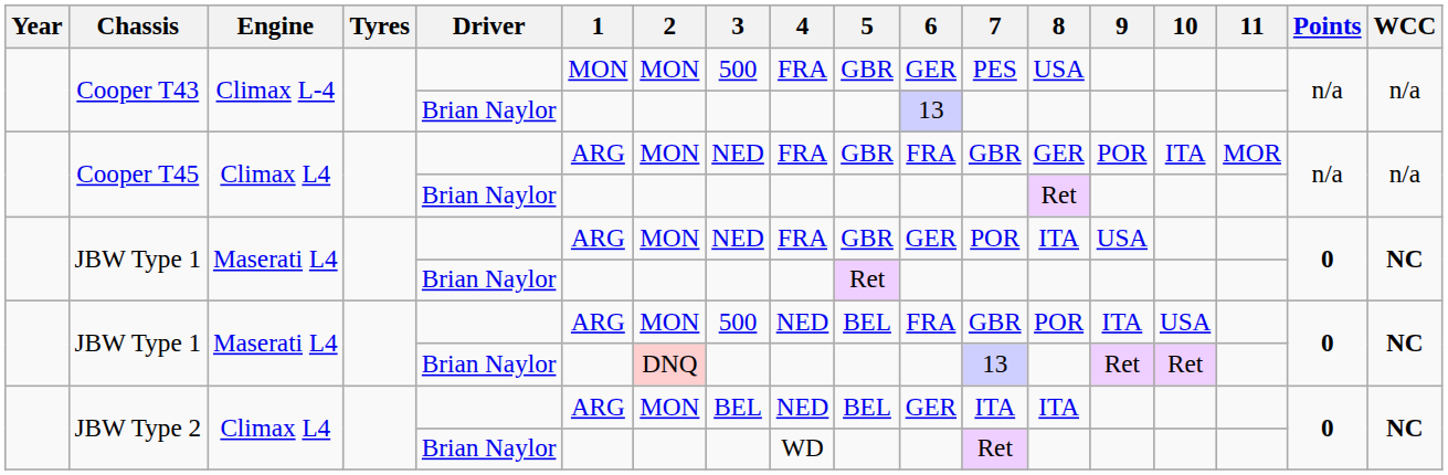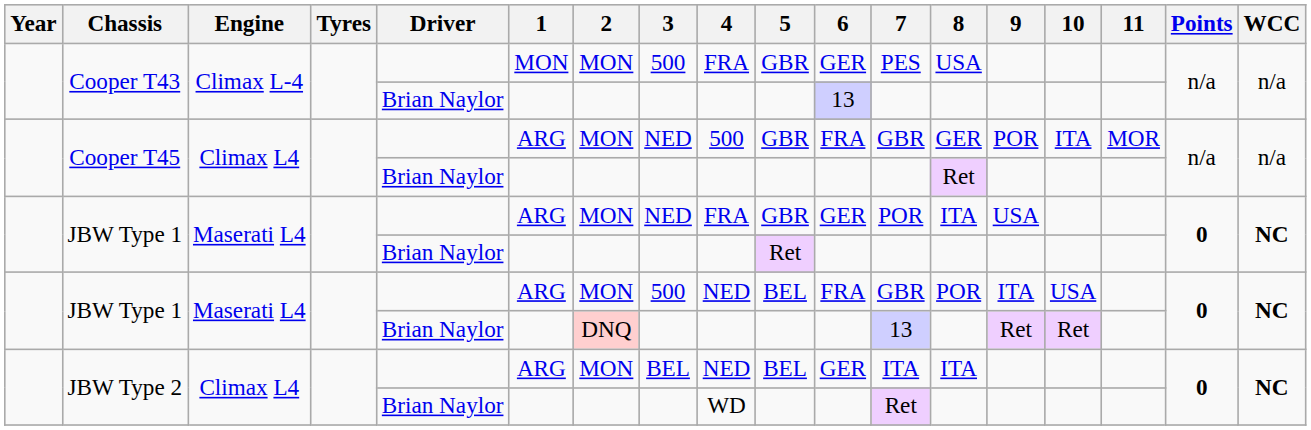 <table class="wikitable" style="text-align:center; font-size:90%">
 <tr>
 <th>Year</th>
 <th>Chassis</th>
 <th>Engine</th>
 <th>Tyres</th>
 <th>Driver</th>
 <th>1</th>
 <th>2</th>
 <th>3</th>
 <th>4</th>
 <th>5</th>
 <th>6</th>
 <th>7</th>
 <th>8</th>
 <th>9</th>
 <th>10</th>
 <th>11</th>
 <th><a href='#'>Points</a></th>
 <th>WCC</th>
 </tr>
 <tr>
 <td rowspan="2"></td>
 <td rowspan="2"><a href='#'>Cooper T43</a></td>
 <td rowspan="2"><a href='#'>Climax</a> <a href='#'>L-4</a></td>
 <td rowspan="2"></td>
 <td></td>
 <td><a href='#'>MON</a></td>
 <td><a href='#'>MON</a></td>
 <td><a href='#'>500</a></td>
 <td><a href='#'>FRA</a></td>
 <td><a href='#'>GBR</a></td>
 <td><a href='#'>GER</a></td>
 <td><a href='#'>PES</a></td>
 <td><a href='#'>USA</a></td>
 <td></td>
 <td></td>
 <td></td>
 <td rowspan="2">n/a</td>
 <td rowspan="2">n/a</td>
 </tr>
 <tr>
 <td align="left"> <a href='#'>Brian Naylor</a></td>
 <td></td>
 <td></td>
 <td></td>
 <td></td>
 <td></td>
 <td style="background:#CFCFFF;">13</td>
 <td></td>
 <td></td>
 <td></td>
 <td></td>
 <td></td>
 </tr>
 <tr>
 <td rowspan="2"></td>
 <td rowspan="2"><a href='#'>Cooper T45</a></td>
 <td rowspan="2"><a href='#'>Climax</a> <a href='#'>L4</a></td>
 <td rowspan="2"></td>
 <td></td>
 <td><a href='#'>ARG</a></td>
 <td><a href='#'>MON</a></td>
 <td><a href='#'>NED</a></td>
-<td><a href='#'>FRA</a></td>
+<td><a href='#'>500</a></td>
 <td><a href='#'>GBR</a></td>
 <td><a href='#'>FRA</a></td>
 <td><a href='#'>GBR</a></td>
 <td><a href='#'>GER</a></td>
 <td><a href='#'>POR</a></td>
 <td><a href='#'>ITA</a></td>
 <td><a href='#'>MOR</a></td>
 <td rowspan="2">n/a</td>
 <td rowspan="2">n/a</td>
 </tr>
 <tr>
 <td align="left"> <a href='#'>Brian Naylor</a></td>
 <td></td>
 <td></td>
 <td></td>
 <td></td>
 <td></td>
 <td></td>
 <td></td>
 <td style="background:#EFCFFF;">Ret</td>
 <td></td>
 <td></td>
 <td></td>
 </tr>
 <tr>
 <td rowspan="2"></td>
 <td rowspan="2">JBW Type 1</td>
 <td rowspan="2"><a href='#'>Maserati</a> <a href='#'>L4</a></td>
 <td rowspan="2"></td>
 <td></td>
 <td><a href='#'>ARG</a></td>
 <td><a href='#'>MON</a></td>
 <td><a href='#'>NED</a></td>
 <td><a href='#'>FRA</a></td>
 <td><a href='#'>GBR</a></td>
 <td><a href='#'>GER</a></td>
 <td><a href='#'>POR</a></td>
 <td><a href='#'>ITA</a></td>
 <td><a href='#'>USA</a></td>
 <td></td>
 <td></td>
 <td rowspan="2"><strong>0</strong></td>
 <td rowspan="2"><strong>NC</strong></td>
 </tr>
 <tr>
 <td align="left"> <a href='#'>Brian Naylor</a></td>
 <td></td>
 <td></td>
 <td></td>
 <td></td>
 <td style="background:#EFCFFF;">Ret</td>
 <td></td>
 <td></td>
 <td></td>
 <td></td>
 <td></td>
 <td></td>
 </tr>
 <tr>
 <td rowspan="2"></td>
 <td rowspan="2">JBW Type 1</td>
 <td rowspan="2"><a href='#'>Maserati</a> <a href='#'>L4</a></td>
 <td rowspan="2"></td>
 <td></td>
 <td><a href='#'>ARG</a></td>
 <td><a href='#'>MON</a></td>
 <td><a href='#'>500</a></td>
 <td><a href='#'>NED</a></td>
 <td><a href='#'>BEL</a></td>
 <td><a href='#'>FRA</a></td>
 <td><a href='#'>GBR</a></td>
 <td><a href='#'>POR</a></td>
 <td><a href='#'>ITA</a></td>
 <td><a href='#'>USA</a></td>
 <td></td>
 <td rowspan="2"><strong>0</strong></td>
 <td rowspan="2"><strong>NC</strong></td>
 </tr>
 <tr>
 <td align="left"> <a href='#'>Brian Naylor</a></td>
 <td></td>
 <td style="background:#FFCFCF;">DNQ</td>
 <td></td>
 <td></td>
 <td></td>
 <td></td>
 <td style="background:#CFCFFF;">13</td>
 <td></td>
 <td style="background:#EFCFFF;">Ret</td>
 <td style="background:#EFCFFF;">Ret</td>
 <td></td>
 </tr>
 <tr>
 <td rowspan="2"></td>
 <td rowspan="2">JBW Type 2</td>
 <td rowspan="2"><a href='#'>Climax</a> <a href='#'>L4</a></td>
 <td rowspan="2"></td>
 <td></td>
 <td><a href='#'>ARG</a></td>
 <td><a href='#'>MON</a></td>
 <td><a href='#'>BEL</a></td>
 <td><a href='#'>NED</a></td>
 <td><a href='#'>BEL</a></td>
 <td><a href='#'>GER</a></td>
 <td><a href='#'>ITA</a></td>
 <td><a href='#'>ITA</a></td>
 <td></td>
 <td></td>
 <td></td>
 <td rowspan="2"><strong>0</strong></td>
 <td rowspan="2"><strong>NC</strong></td>
 </tr>
 <tr>
 <td align="left"> <a href='#'>Brian Naylor</a></td>
 <td></td>
 <td></td>
 <td></td>
 <td>WD</td>
 <td></td>
 <td></td>
 <td style="background:#EFCFFF;">Ret</td>
 <td></td>
 <td></td>
 <td></td>
 <td></td>
 </tr>
 </table>
